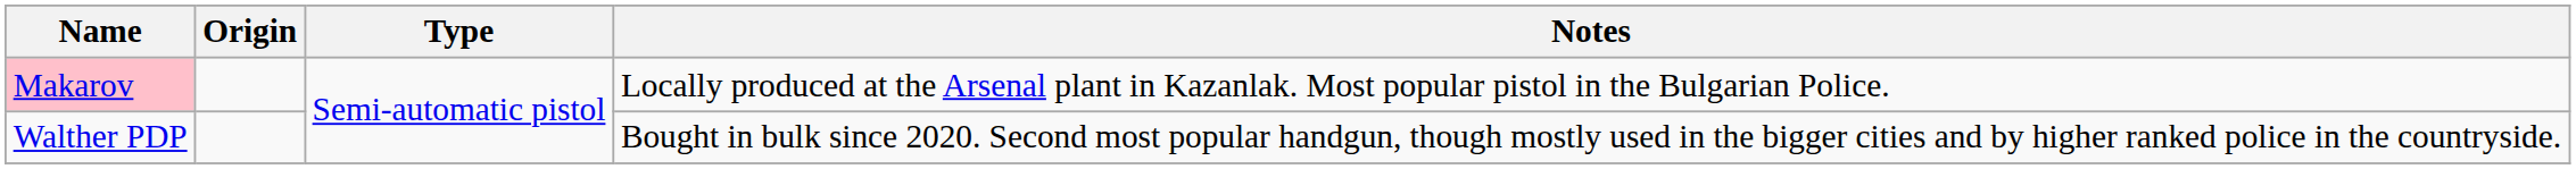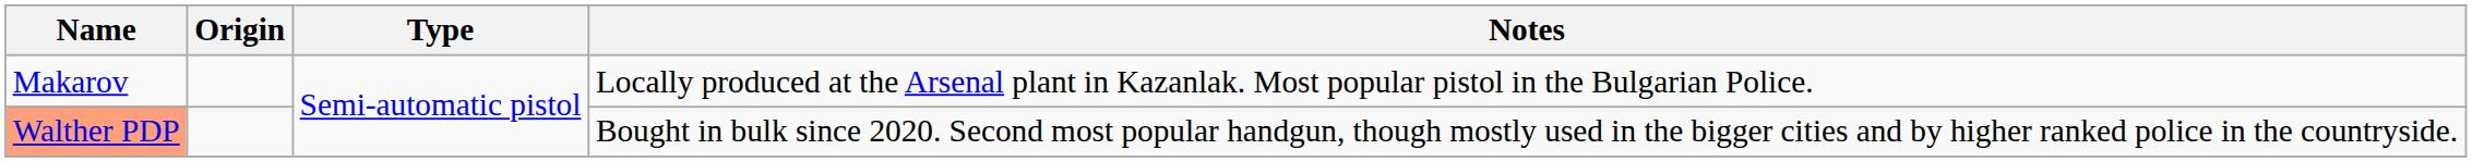 <table class="wikitable">
 <tr>
 <th>Name</th>
 <th>Origin</th>
 <th>Type</th>
 <th>Notes</th>
 </tr>
 <tr>
-<td style="background: pink;"><a href='#'>Makarov</a></td>
+<td><a href='#'>Makarov</a></td>
 <td></td>
 <td rowspan="2"><a href='#'>Semi-automatic pistol</a></td>
 <td>Locally produced at the <a href='#'>Arsenal</a> plant in Kazanlak. Most popular pistol in the Bulgarian Police.</td>
 </tr>
 <tr>
-<td><a href='#'>Walther PDP</a></td>
+<td style="background: lightsalmon;"><a href='#'>Walther PDP</a></td>
 <td></td>
 <td>Bought in bulk since 2020. Second most popular handgun, though mostly used in the bigger cities and by higher ranked police in the countryside.</td>
 </tr>
 </table>
